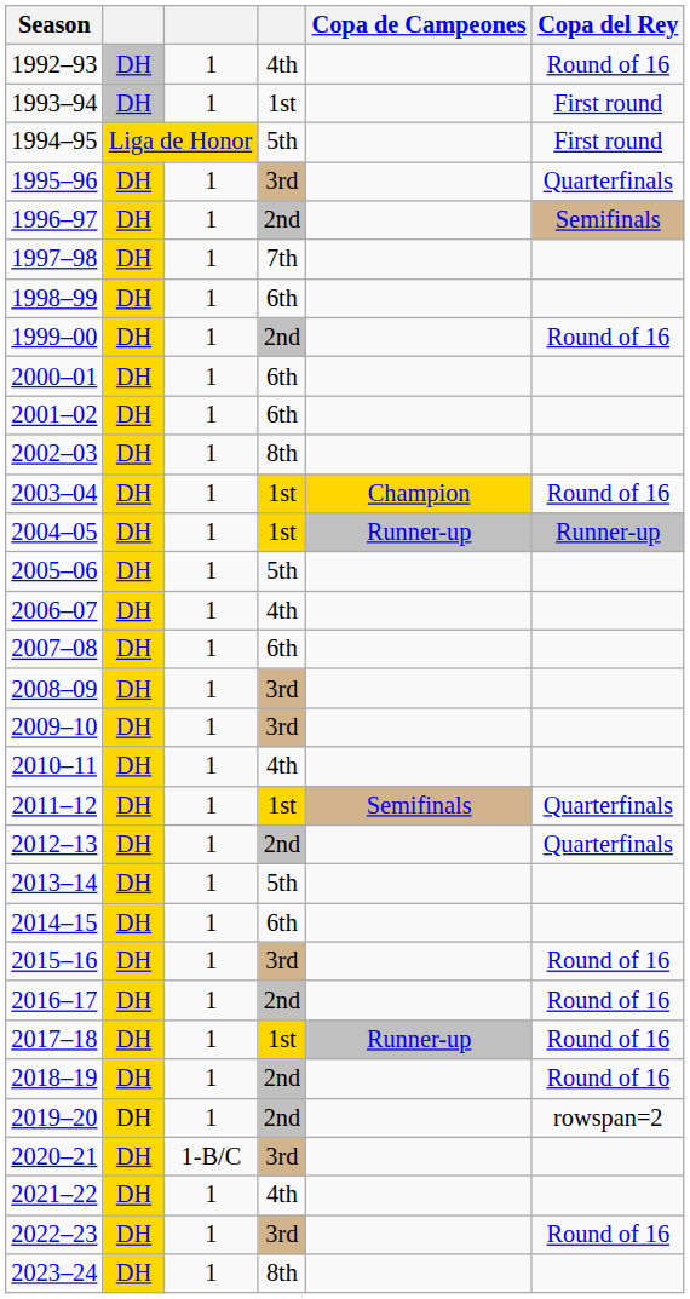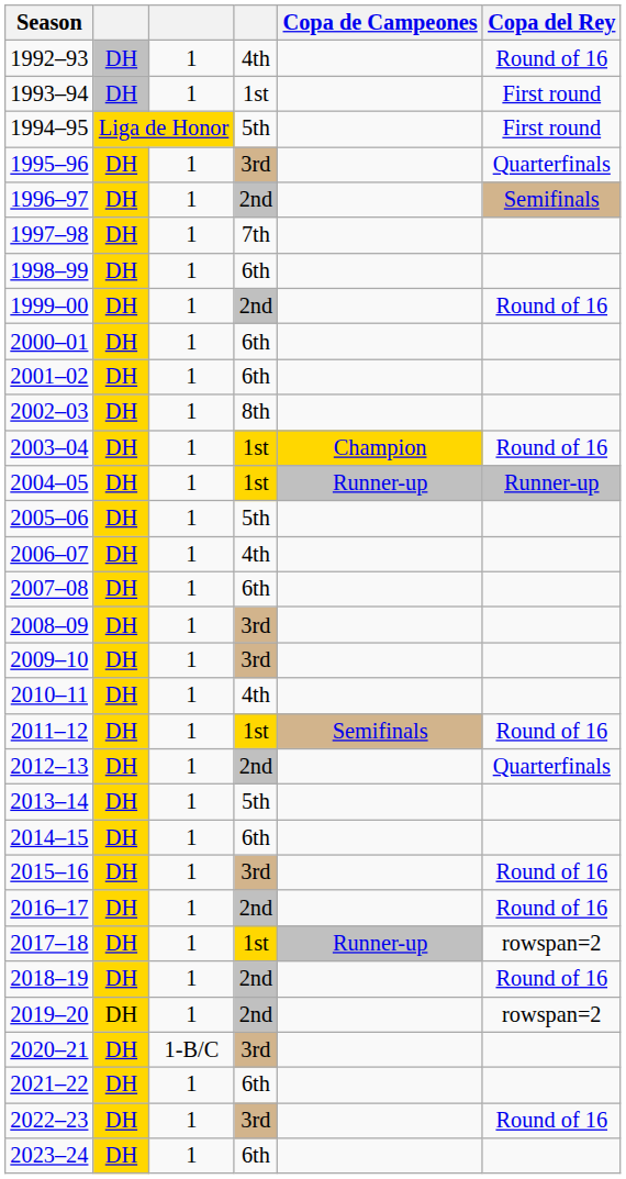 <table class="wikitable" style="text-align:center">
 <tr>
 <th>Season</th>
 <th></th>
 <th></th>
 <th></th>
 <th><a href='#'>Copa de Campeones</a></th>
 <th><a href='#'>Copa del Rey</a></th>
 </tr>
 <tr>
 <td>1992–93</td>
 <td bgcolor=silver><a href='#'>DH</a></td>
 <td>1</td>
 <td>4th</td>
 <td></td>
 <td><a href='#'>Round of 16</a></td>
 </tr>
 <tr>
 <td>1993–94</td>
 <td bgcolor=silver><a href='#'>DH</a></td>
 <td>1</td>
 <td>1st</td>
 <td></td>
 <td><a href='#'>First round</a></td>
 </tr>
 <tr>
 <td>1994–95</td>
 <td colspan=2 bgcolor=gold><a href='#'>Liga de Honor</a></td>
 <td>5th</td>
 <td></td>
 <td><a href='#'>First round</a></td>
 </tr>
 <tr>
 <td><a href='#'>1995–96</a></td>
 <td bgcolor=gold><a href='#'>DH</a></td>
 <td>1</td>
 <td bgcolor=#D2B48C>3rd</td>
 <td></td>
 <td><a href='#'>Quarterfinals</a></td>
 </tr>
 <tr>
 <td><a href='#'>1996–97</a></td>
 <td bgcolor=gold><a href='#'>DH</a></td>
 <td>1</td>
 <td bgcolor=silver>2nd</td>
 <td></td>
 <td bgcolor=#D2B48C><a href='#'>Semifinals</a></td>
 </tr>
 <tr>
 <td><a href='#'>1997–98</a></td>
 <td bgcolor=gold><a href='#'>DH</a></td>
 <td>1</td>
 <td>7th</td>
 <td></td>
 <td></td>
 </tr>
 <tr>
 <td><a href='#'>1998–99</a></td>
 <td bgcolor=gold><a href='#'>DH</a></td>
 <td>1</td>
 <td>6th</td>
 <td></td>
 <td></td>
 </tr>
 <tr>
 <td><a href='#'>1999–00</a></td>
 <td bgcolor=gold><a href='#'>DH</a></td>
 <td>1</td>
 <td bgcolor=silver>2nd</td>
 <td></td>
 <td><a href='#'>Round of 16</a></td>
 </tr>
 <tr>
 <td><a href='#'>2000–01</a></td>
 <td bgcolor=gold><a href='#'>DH</a></td>
 <td>1</td>
 <td>6th</td>
 <td></td>
 <td></td>
 </tr>
 <tr>
 <td><a href='#'>2001–02</a></td>
 <td bgcolor=gold><a href='#'>DH</a></td>
 <td>1</td>
 <td>6th</td>
 <td></td>
 <td></td>
 </tr>
 <tr>
 <td><a href='#'>2002–03</a></td>
 <td bgcolor=gold><a href='#'>DH</a></td>
 <td>1</td>
 <td>8th</td>
 <td></td>
 <td></td>
 </tr>
 <tr>
 <td><a href='#'>2003–04</a></td>
 <td bgcolor=gold><a href='#'>DH</a></td>
 <td>1</td>
 <td bgcolor=gold>1st</td>
 <td bgcolor=gold><a href='#'>Champion</a></td>
 <td><a href='#'>Round of 16</a></td>
 </tr>
 <tr>
 <td><a href='#'>2004–05</a></td>
 <td bgcolor=gold><a href='#'>DH</a></td>
 <td>1</td>
 <td bgcolor=gold>1st</td>
 <td bgcolor=silver><a href='#'>Runner-up</a></td>
 <td bgcolor=silver><a href='#'>Runner-up</a></td>
 </tr>
 <tr>
 <td><a href='#'>2005–06</a></td>
 <td bgcolor=gold><a href='#'>DH</a></td>
 <td>1</td>
 <td>5th</td>
 <td></td>
 <td></td>
 </tr>
 <tr>
 <td><a href='#'>2006–07</a></td>
 <td bgcolor=gold><a href='#'>DH</a></td>
 <td>1</td>
 <td>4th</td>
 <td></td>
 <td></td>
 </tr>
 <tr>
 <td><a href='#'>2007–08</a></td>
 <td bgcolor=gold><a href='#'>DH</a></td>
 <td>1</td>
 <td>6th</td>
 <td></td>
 <td></td>
 </tr>
 <tr>
 <td><a href='#'>2008–09</a></td>
 <td bgcolor=gold><a href='#'>DH</a></td>
 <td>1</td>
 <td bgcolor=#D2B48C>3rd</td>
 <td></td>
 <td></td>
 </tr>
 <tr>
 <td><a href='#'>2009–10</a></td>
 <td bgcolor=gold><a href='#'>DH</a></td>
 <td>1</td>
 <td bgcolor=#D2B48C>3rd</td>
 <td></td>
 <td></td>
 </tr>
 <tr>
 <td><a href='#'>2010–11</a></td>
 <td bgcolor=gold><a href='#'>DH</a></td>
 <td>1</td>
 <td>4th</td>
 <td></td>
 <td></td>
 </tr>
 <tr>
 <td><a href='#'>2011–12</a></td>
 <td bgcolor=gold><a href='#'>DH</a></td>
 <td>1</td>
 <td bgcolor=gold>1st</td>
 <td bgcolor=#D2B48C><a href='#'>Semifinals</a></td>
-<td><a href='#'>Quarterfinals</a></td>
+<td><a href='#'>Round of 16</a></td>
 </tr>
 <tr>
 <td><a href='#'>2012–13</a></td>
 <td bgcolor=gold><a href='#'>DH</a></td>
 <td>1</td>
 <td bgcolor=silver>2nd</td>
 <td></td>
 <td><a href='#'>Quarterfinals</a></td>
 </tr>
 <tr>
 <td><a href='#'>2013–14</a></td>
 <td bgcolor=gold><a href='#'>DH</a></td>
 <td>1</td>
 <td>5th</td>
 <td></td>
 <td></td>
 </tr>
 <tr>
 <td><a href='#'>2014–15</a></td>
 <td bgcolor=gold><a href='#'>DH</a></td>
 <td>1</td>
 <td>6th</td>
 <td></td>
 <td></td>
 </tr>
 <tr>
 <td><a href='#'>2015–16</a></td>
 <td bgcolor=gold><a href='#'>DH</a></td>
 <td>1</td>
 <td bgcolor=#D2B48C>3rd</td>
 <td></td>
 <td><a href='#'>Round of 16</a></td>
 </tr>
 <tr>
 <td><a href='#'>2016–17</a></td>
 <td bgcolor=gold><a href='#'>DH</a></td>
 <td>1</td>
 <td bgcolor=silver>2nd</td>
 <td></td>
 <td><a href='#'>Round of 16</a></td>
 </tr>
 <tr>
 <td><a href='#'>2017–18</a></td>
 <td bgcolor=gold><a href='#'>DH</a></td>
 <td>1</td>
 <td bgcolor=gold>1st</td>
 <td bgcolor=silver><a href='#'>Runner-up</a></td>
-<td><a href='#'>Round of 16</a></td>
+<td>rowspan=2 </td>
 </tr>
 <tr>
 <td><a href='#'>2018–19</a></td>
 <td bgcolor=gold><a href='#'>DH</a></td>
 <td>1</td>
 <td bgcolor=silver>2nd</td>
 <td></td>
 <td><a href='#'>Round of 16</a></td>
 </tr>
 <tr>
 <td><a href='#'>2019–20</a></td>
 <td bgcolor=gold>DH</td>
 <td>1</td>
 <td bgcolor=silver>2nd</td>
 <td></td>
 <td>rowspan=2 </td>
 </tr>
 <tr>
 <td><a href='#'>2020–21</a></td>
 <td bgcolor=gold><a href='#'>DH</a></td>
 <td>1-B/C</td>
 <td bgcolor=#D2B48C>3rd</td>
 <td></td>
 </tr>
 <tr>
 <td><a href='#'>2021–22</a></td>
 <td bgcolor=gold><a href='#'>DH</a></td>
 <td>1</td>
-<td>4th</td>
+<td>6th</td>
 <td></td>
 <td></td>
 </tr>
 <tr>
 <td><a href='#'>2022–23</a></td>
 <td bgcolor=gold><a href='#'>DH</a></td>
 <td>1</td>
 <td bgcolor=#D2B48C>3rd</td>
 <td></td>
 <td><a href='#'>Round of 16</a></td>
 </tr>
 <tr>
 <td><a href='#'>2023–24</a></td>
 <td bgcolor=gold><a href='#'>DH</a></td>
 <td>1</td>
-<td>8th</td>
+<td>6th</td>
 <td></td>
 <td></td>
 </tr>
 </table>
